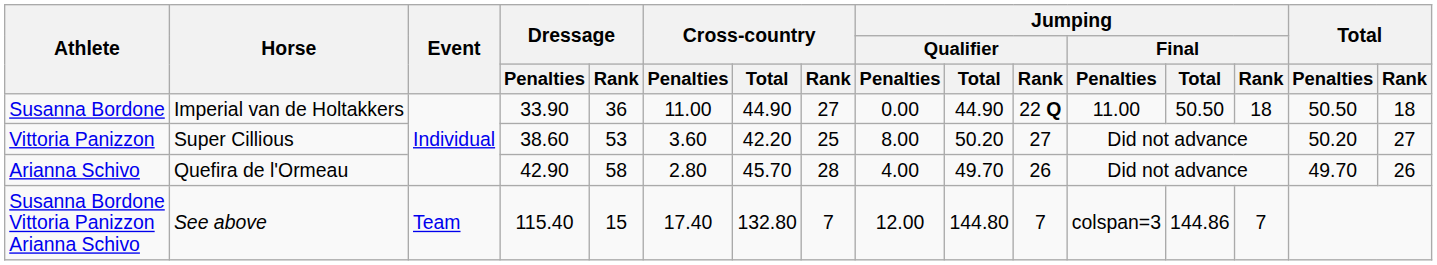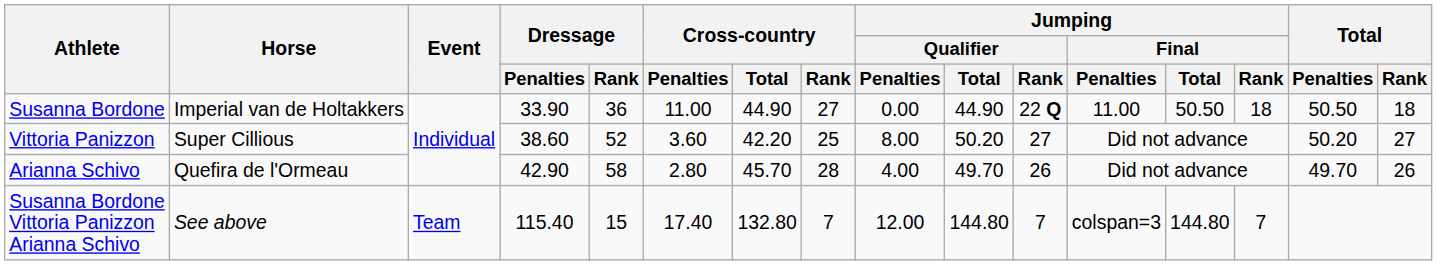 <table class=wikitable style="font-size:90%">
 <tr>
 <th rowspan="3">Athlete</th>
 <th rowspan="3">Horse</th>
 <th rowspan="3">Event</th>
 <th colspan="2" rowspan="2">Dressage</th>
 <th colspan="3" rowspan="2">Cross-country</th>
 <th colspan="6">Jumping</th>
 <th colspan="2" rowspan="2">Total</th>
 </tr>
 <tr style="font-size:95%">
 <th colspan="3">Qualifier</th>
 <th colspan="3">Final</th>
 </tr>
 <tr style="font-size:95%">
 <th>Penalties</th>
 <th>Rank</th>
 <th>Penalties</th>
 <th>Total</th>
 <th>Rank</th>
 <th>Penalties</th>
 <th>Total</th>
 <th>Rank</th>
 <th>Penalties</th>
 <th>Total</th>
 <th>Rank</th>
 <th>Penalties</th>
 <th>Rank</th>
 </tr>
 <tr align=center>
 <td align=left><a href='#'>Susanna Bordone</a></td>
 <td align=left>Imperial van de Holtakkers</td>
 <td rowspan=3 align=left><a href='#'>Individual</a></td>
 <td>33.90</td>
 <td>36</td>
 <td>11.00</td>
 <td>44.90</td>
 <td>27</td>
 <td>0.00</td>
 <td>44.90</td>
 <td>22 <strong>Q</strong></td>
 <td>11.00</td>
 <td>50.50</td>
 <td>18</td>
 <td>50.50</td>
 <td>18</td>
 </tr>
 <tr align=center>
 <td align=left><a href='#'>Vittoria Panizzon</a></td>
 <td align=left>Super Cillious</td>
 <td>38.60</td>
-<td>53</td>
+<td>52</td>
 <td>3.60</td>
 <td>42.20</td>
 <td>25</td>
 <td>8.00</td>
 <td>50.20</td>
 <td>27</td>
 <td colspan=3>Did not advance</td>
 <td>50.20</td>
 <td>27</td>
 </tr>
 <tr align=center>
 <td align=left><a href='#'>Arianna Schivo</a></td>
 <td align=left>Quefira de l'Ormeau</td>
 <td>42.90</td>
 <td>58</td>
 <td>2.80</td>
 <td>45.70</td>
 <td>28</td>
 <td>4.00</td>
 <td>49.70</td>
 <td>26</td>
 <td colspan=3>Did not advance</td>
 <td>49.70</td>
 <td>26</td>
 </tr>
 <tr align=center>
 <td align=left><a href='#'>Susanna Bordone</a><br><a href='#'>Vittoria Panizzon</a><br><a href='#'>Arianna Schivo</a></td>
 <td align=left><em>See above</em></td>
 <td align=left><a href='#'>Team</a></td>
 <td>115.40</td>
 <td>15</td>
 <td>17.40</td>
 <td>132.80</td>
 <td>7</td>
 <td>12.00</td>
 <td>144.80</td>
 <td>7</td>
 <td>colspan=3 </td>
-<td>144.86</td>
+<td>144.80</td>
 <td>7</td>
 </tr>
 </table>
